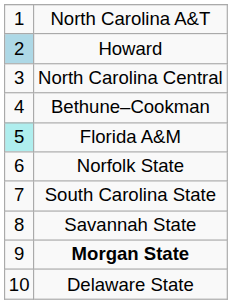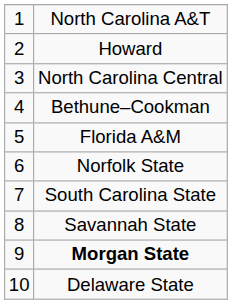 <table class="wikitable">
 <tr align="center">
 </tr>
 <tr align="center">
 <td>1</td>
 <td>North Carolina A&T</td>
 </tr>
 <tr align="center">
-<td style="background: lightblue;">2</td>
+<td>2</td>
 <td>Howard</td>
 </tr>
 <tr align="center">
 <td>3</td>
 <td>North Carolina Central</td>
 </tr>
 <tr align="center">
 <td>4</td>
 <td>Bethune–Cookman</td>
 </tr>
 <tr align="center">
-<td style="background: paleturquoise;">5</td>
+<td>5</td>
 <td>Florida A&M</td>
 </tr>
 <tr align="center">
 <td>6</td>
 <td>Norfolk State</td>
 </tr>
 <tr align="center">
 <td>7</td>
 <td>South Carolina State</td>
 </tr>
 <tr align="center">
 <td>8</td>
 <td>Savannah State</td>
 </tr>
 <tr align="center">
 <td>9</td>
 <td><strong>Morgan State</strong></td>
 </tr>
 <tr align="center">
 <td>10</td>
 <td>Delaware State</td>
 </tr>
 </table>
